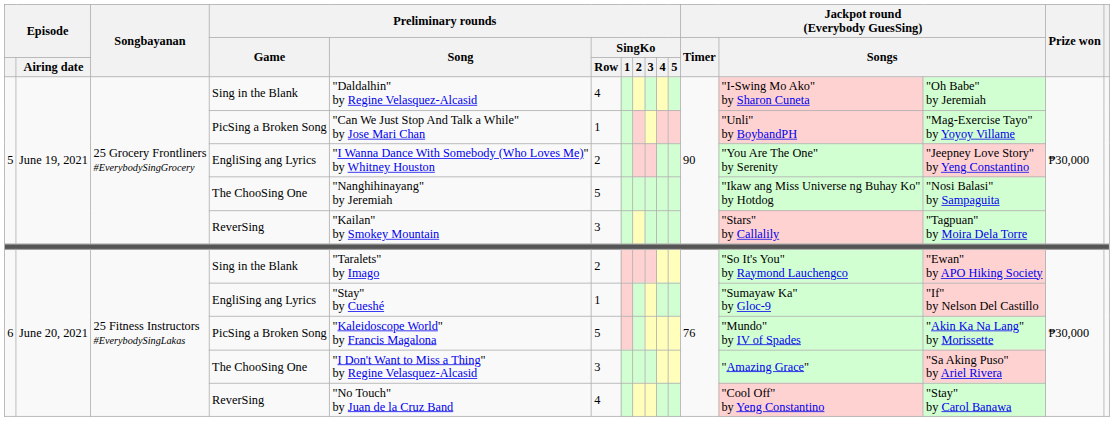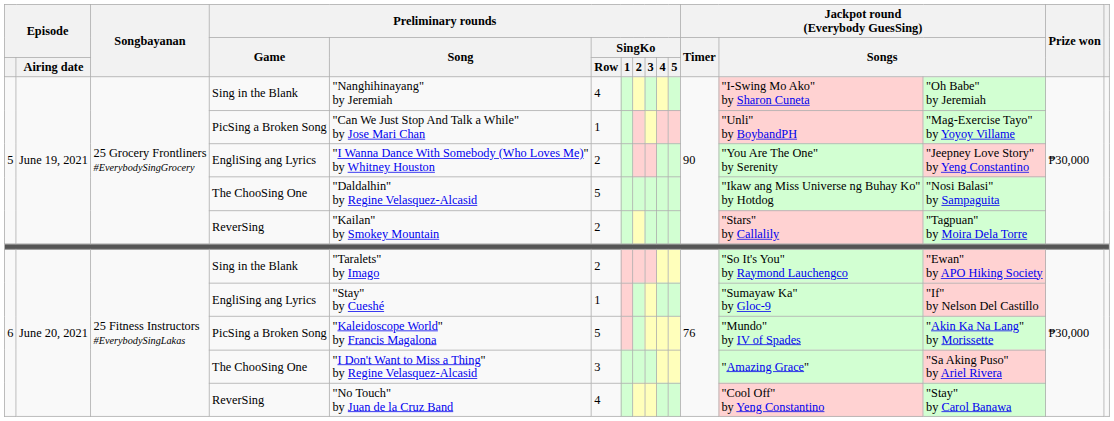 <table class="wikitable plainrowheaders mw-collapsible ">
 <tr>
 <th colspan="2" rowspan="2">Episode</th>
 <th rowspan="3">Songbayanan</th>
 <th colspan="8">Preliminary rounds</th>
 <th colspan="3">Jackpot round<br>(Everybody GuesSing)</th>
 <th rowspan="3">Prize won</th>
 <th rowspan="3"></th>
 </tr>
 <tr>
 <th rowspan="2">Game</th>
 <th rowspan="2">Song</th>
 <th colspan="6">SingKo</th>
 <th rowspan="2">Timer</th>
 <th colspan="2" rowspan="2">Songs</th>
 </tr>
 <tr>
 <th></th>
 <th>Airing date</th>
 <th>Row</th>
 <th>1</th>
 <th>2</th>
 <th>3</th>
 <th>4</th>
 <th>5</th>
 </tr>
 <tr>
 <td rowspan="5">5</td>
 <td rowspan="5">June 19, 2021</td>
 <td rowspan="5">25 Grocery Frontliners<br><em><small>#EverybodySingGrocery</small></em></td>
 <td>Sing in the Blank</td>
-<td>"Daldalhin"<br>by <a href='#'>Regine Velasquez-Alcasid</a></td>
+<td>"Nanghihinayang"<br>by Jeremiah</td>
 <td>4</td>
 <td style="background:#D2FFD2"></td>
 <td style="background:#FFB"></td>
 <td style="background:#D2FFD2"></td>
 <td style="background:#FFB"></td>
 <td style="background:#D2FFD2"></td>
 <td rowspan="5">90 </td>
 <td style="background:#FFD2D2">"I-Swing Mo Ako"<br>by <a href='#'>Sharon Cuneta</a></td>
 <td style="background:#D2FFD2">"Oh Babe"<br>by Jeremiah</td>
 <td rowspan="5">₱30,000</td>
 <td rowspan="5"><br><br></td>
 </tr>
 <tr>
 <td>PicSing a Broken Song</td>
 <td>"Can We Just Stop And Talk a While"<br>by <a href='#'>Jose Mari Chan</a></td>
 <td>1</td>
 <td style="background:#D2FFD2"></td>
 <td style="background:#FFD2D2"></td>
 <td style="background:#FFB"></td>
 <td style="background:#FFD2D2"></td>
 <td style="background:#FFD2D2"></td>
 <td style="background:#FFD2D2">"Unli"<br>by <a href='#'>BoybandPH</a></td>
 <td style="background:#D2FFD2">"Mag-Exercise Tayo"<br>by <a href='#'>Yoyoy Villame</a></td>
 </tr>
 <tr>
 <td>EngliSing ang Lyrics</td>
 <td>"<a href='#'>I Wanna Dance With Somebody (Who Loves Me)</a>"<br>by <a href='#'>Whitney Houston</a></td>
 <td>2</td>
 <td style="background:#D2FFD2"></td>
 <td style="background:#FFD2D2"></td>
 <td style="background:#FFD2D2"></td>
 <td style="background:#D2FFD2"></td>
 <td style="background:#D2FFD2"></td>
 <td style="background:#D2FFD2">"You Are The One"<br>by Serenity</td>
 <td style="background:#FFD2D2">"Jeepney Love Story"<br>by <a href='#'>Yeng Constantino</a></td>
 </tr>
 <tr>
 <td>The ChooSing One</td>
-<td>"Nanghihinayang"<br>by Jeremiah</td>
+<td>"Daldalhin"<br>by <a href='#'>Regine Velasquez-Alcasid</a></td>
 <td>5</td>
 <td style="background:#D2FFD2"></td>
 <td style="background:#D2FFD2"></td>
 <td style="background:#D2FFD2"></td>
 <td style="background:#D2FFD2"></td>
 <td style="background:#D2FFD2"></td>
 <td style="background:#D2FFD2">"Ikaw ang Miss Universe ng Buhay Ko"<br>by Hotdog</td>
 <td style="background:#D2FFD2">"Nosi Balasi"<br>by <a href='#'>Sampaguita</a></td>
 </tr>
 <tr>
 <td>ReverSing</td>
 <td>"Kailan"<br>by <a href='#'>Smokey Mountain</a></td>
-<td>3</td>
+<td>2</td>
 <td style="background:#D2FFD2"></td>
 <td style="background:#FFB"></td>
 <td style="background:#D2FFD2"></td>
 <td style="background:#D2FFD2"></td>
 <td style="background:#D2FFD2"></td>
 <td style="background:#FFD2D2">"Stars"<br>by <a href='#'>Callalily</a></td>
 <td style="background:#D2FFD2">"Tagpuan"<br>by <a href='#'>Moira Dela Torre</a></td>
 </tr>
 <tr>
 <th colspan="16" style="background:#555"></th>
 </tr>
 <tr>
 <td rowspan="5">6</td>
 <td rowspan="5">June 20, 2021</td>
 <td rowspan="5">25 Fitness Instructors<br><small><em>#EverybodySingLakas</em></small></td>
 <td>Sing in the Blank</td>
 <td>"Taralets"<br>by <a href='#'>Imago</a></td>
 <td>2</td>
 <td style="background:#FFD2D2"></td>
 <td style="background:#FFD2D2"></td>
 <td style="background:#FFD2D2"></td>
 <td style="background:#FFB"></td>
 <td style="background:#FFB"></td>
 <td rowspan="5">76 </td>
 <td style="background:#D2FFD2">"So It's You"<br>by <a href='#'>Raymond Lauchengco</a></td>
 <td style="background:#FFD2D2">"Ewan"<br>by <a href='#'>APO Hiking Society</a></td>
 <td rowspan="5">₱30,000</td>
 <td rowspan="5"><br><br></td>
 </tr>
 <tr>
 <td>EngliSing ang Lyrics</td>
 <td>"Stay"<br>by <a href='#'>Cueshé</a></td>
 <td>1</td>
 <td style="background:#FFD2D2"></td>
 <td style="background:#D2FFD2"></td>
 <td style="background:#FFB"></td>
 <td style="background:#D2FFD2"></td>
 <td style="background:#D2FFD2"></td>
 <td style="background:#D2FFD2">"Sumayaw Ka"<br>by <a href='#'>Gloc-9</a></td>
 <td style="background:#FFD2D2">"If"<br>by Nelson Del Castillo</td>
 </tr>
 <tr>
 <td>PicSing a Broken Song</td>
 <td>"<a href='#'>Kaleidoscope World</a>"<br>by <a href='#'>Francis Magalona</a></td>
 <td>5</td>
 <td style="background:#FFD2D2"></td>
 <td style="background:#D2FFD2"></td>
 <td style="background:#FFB"></td>
 <td style="background:#FFB"></td>
 <td style="background:#FFB"></td>
 <td style="background:#D2FFD2">"Mundo"<br>by <a href='#'>IV of Spades</a></td>
 <td style="background:#D2FFD2">"<a href='#'>Akin Ka Na Lang</a>"<br>by <a href='#'>Morissette</a></td>
 </tr>
 <tr>
 <td>The ChooSing One</td>
 <td>"<a href='#'>I Don't Want to Miss a Thing</a>"<br>by <a href='#'>Regine Velasquez-Alcasid</a></td>
 <td>3</td>
 <td style="background:#D2FFD2"></td>
 <td style="background:#D2FFD2"></td>
 <td style="background:#D2FFD2"></td>
 <td style="background:#FFB"></td>
 <td style="background:#FFB"></td>
 <td style="background:#D2FFD2">"<a href='#'>Amazing Grace</a>"</td>
 <td style="background:#FFD2D2">"Sa Aking Puso"<br>by <a href='#'>Ariel Rivera</a></td>
 </tr>
 <tr>
 <td>ReverSing</td>
 <td>"No Touch"<br>by <a href='#'>Juan de la Cruz Band</a></td>
 <td>4</td>
 <td style="background:#D2FFD2"></td>
 <td style="background:#FFB"></td>
 <td style="background:#FFB"></td>
 <td style="background:#D2FFD2"></td>
 <td style="background:#D2FFD2"></td>
 <td style="background:#FFD2D2">"Cool Off"<br>by <a href='#'>Yeng Constantino</a></td>
 <td style="background:#D2FFD2">"Stay"<br>by <a href='#'>Carol Banawa</a></td>
 </tr>
 </table>
